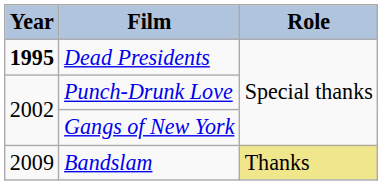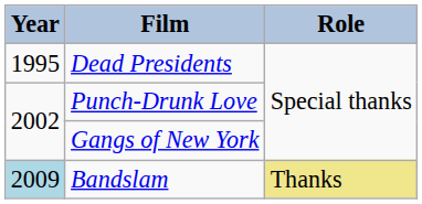 <table class="wikitable">
 <tr align="center">
 <th style="background:#B0C4DE;">Year</th>
 <th style="background:#B0C4DE;">Film</th>
 <th style="background:#B0C4DE;">Role</th>
 </tr>
 <tr>
-<td><strong>1995</strong></td>
+<td>1995</td>
 <td><em><a href='#'>Dead Presidents</a></em></td>
 <td rowspan=3>Special thanks</td>
 </tr>
 <tr>
 <td rowspan=2>2002</td>
 <td><em><a href='#'>Punch-Drunk Love</a></em></td>
 </tr>
 <tr>
 <td><em><a href='#'>Gangs of New York</a></em></td>
 </tr>
 <tr>
-<td>2009</td>
+<td style="background: lightblue;">2009</td>
 <td><em><a href='#'>Bandslam</a></em></td>
 <td style="background: khaki;">Thanks</td>
 </tr>
 </table>
